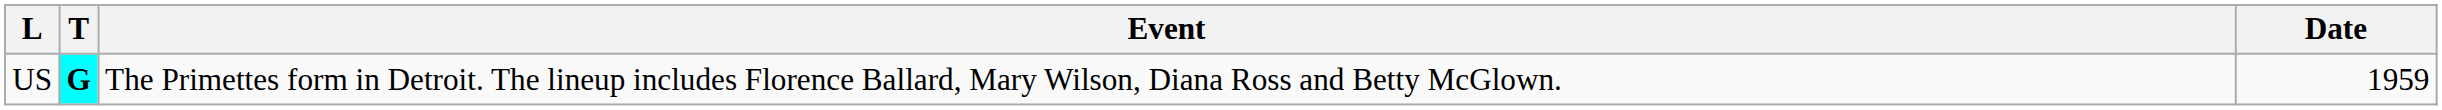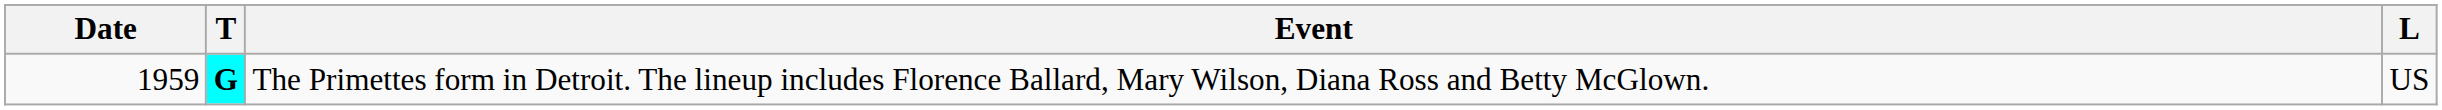 <table class="wikitable" style="text-align: center">
 <tr>
-<th style="width:2%">L</th>
+<th style="width:12ch">Date</th>
 <th style="width:1%">T</th>
 <th>Event</th>
-<th style="width:12ch">Date</th>
+<th style="width:2%">L</th>
 </tr>
 <tr>
-<td>US</td>
+<td style="text-align: right">1959</td>
 <td style="background:aqua"><strong>G</strong></td>
 <td style="text-align:left;">The Primettes form in Detroit. The lineup includes Florence Ballard, Mary Wilson, Diana Ross and Betty McGlown.</td>
-<td style="text-align: right">1959</td>
+<td>US</td>
 </tr>
 </table>
